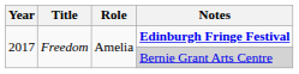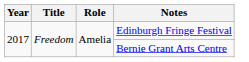 <table class="wikitable sortable">
 <tr>
 <th>Year</th>
 <th>Title</th>
 <th>Role</th>
 <th class="unsortable">Notes</th>
 </tr>
 <tr>
 <td rowspan="2">2017</td>
 <td rowspan="2"><em>Freedom</em></td>
 <td rowspan="2">Amelia</td>
-<td><strong><a href='#'>Edinburgh Fringe Festival</a></strong></td>
+<td><a href='#'>Edinburgh Fringe Festival</a></td>
 </tr>
 <tr>
-<td style="background: lightgrey;"><a href='#'>Bernie Grant Arts Centre</a></td>
+<td><a href='#'>Bernie Grant Arts Centre</a></td>
 </tr>
 </table>
